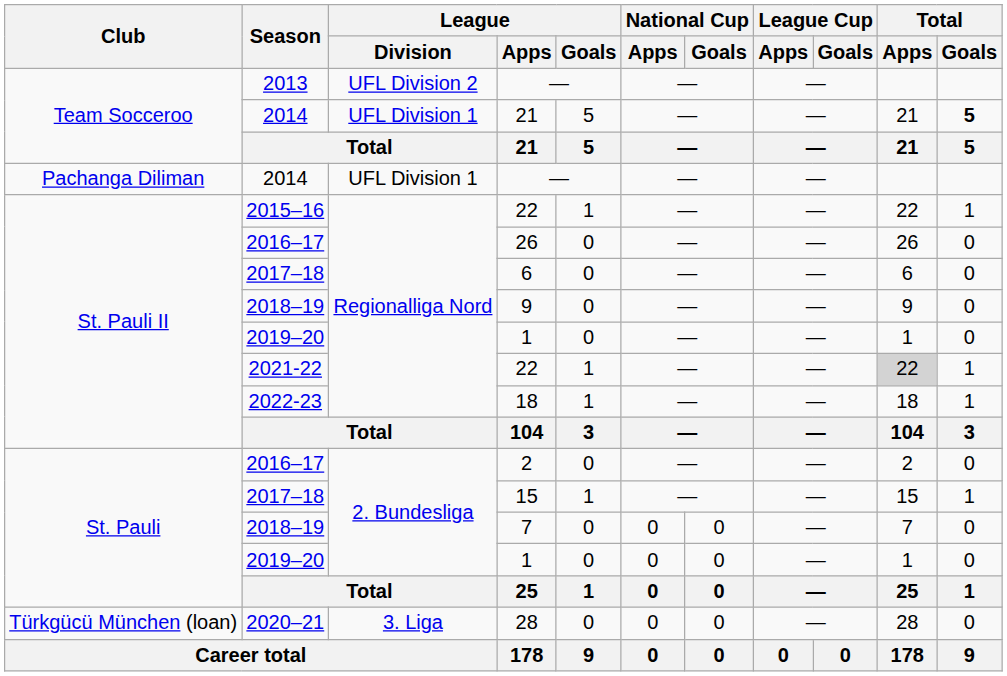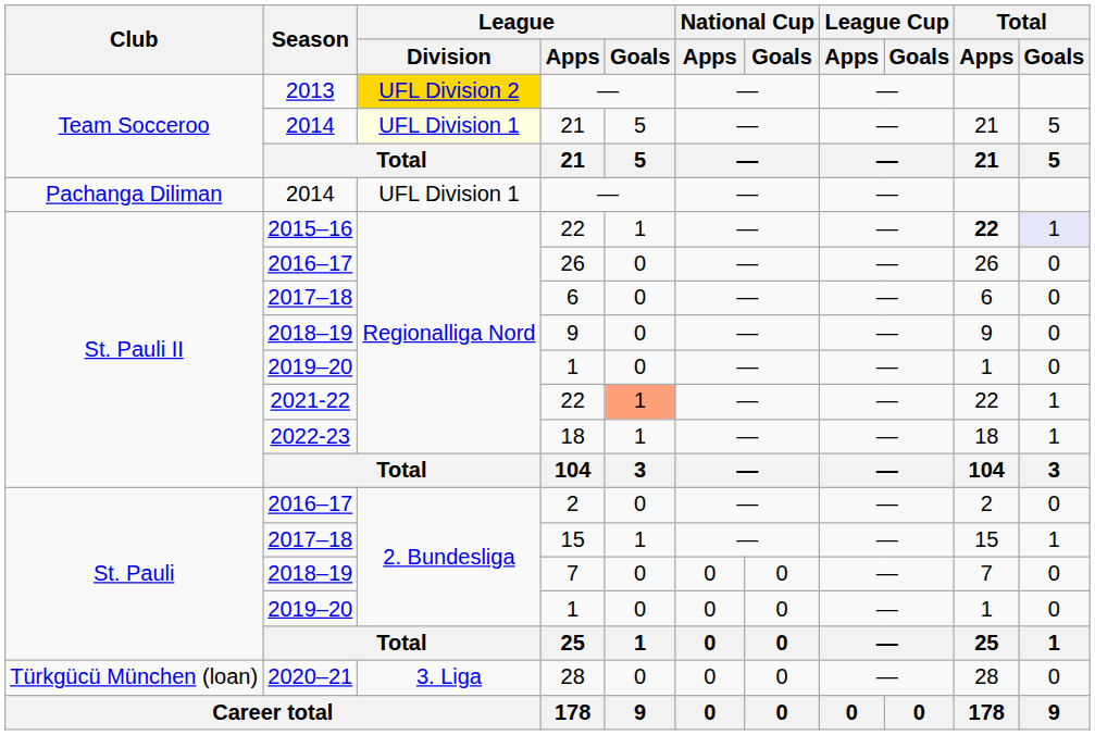 <table class="wikitable" style="text-align:center">
 <tr>
 <th rowspan="2">Club</th>
 <th rowspan="2">Season</th>
 <th colspan="3">League</th>
 <th colspan="2">National Cup</th>
 <th colspan="2">League Cup</th>
 <th colspan="2">Total</th>
 </tr>
 <tr>
 <th>Division</th>
 <th>Apps</th>
 <th>Goals</th>
 <th>Apps</th>
 <th>Goals</th>
 <th>Apps</th>
 <th>Goals</th>
 <th>Apps</th>
 <th>Goals</th>
 </tr>
 <tr>
 <td rowspan="3"><a href='#'>Team Socceroo</a></td>
 <td><a href='#'>2013</a></td>
-<td><a href='#'>UFL Division 2</a></td>
+<td style="background: gold;"><a href='#'>UFL Division 2</a></td>
 <td colspan="2">—</td>
 <td colspan="2">—</td>
 <td colspan="2">—</td>
 <td></td>
 <td></td>
 </tr>
 <tr>
 <td><a href='#'>2014</a></td>
-<td><a href='#'>UFL Division 1</a></td>
+<td style="background: lightyellow;"><a href='#'>UFL Division 1</a></td>
 <td>21</td>
 <td>5</td>
 <td colspan="2">—</td>
 <td colspan="2">—</td>
 <td>21</td>
-<td><strong>5</strong></td>
+<td>5</td>
 </tr>
 <tr>
 <th colspan="2">Total</th>
 <th>21</th>
 <th>5</th>
 <th colspan="2">—</th>
 <th colspan="2">—</th>
 <th>21</th>
 <th>5</th>
 </tr>
 <tr>
 <td><a href='#'>Pachanga Diliman</a></td>
 <td>2014</td>
 <td>UFL Division 1</td>
 <td colspan="2">—</td>
 <td colspan="2">—</td>
 <td colspan="2">—</td>
 <td></td>
 <td></td>
 </tr>
 <tr>
 <td rowspan="8"><a href='#'>St. Pauli II</a></td>
 <td><a href='#'>2015–16</a></td>
 <td rowspan="7"><a href='#'>Regionalliga Nord</a></td>
 <td>22</td>
 <td>1</td>
 <td colspan="2">—</td>
 <td colspan="2">—</td>
-<td>22</td>
-<td>1</td>
+<td><strong>22</strong></td>
+<td style="background: lavender;">1</td>
 </tr>
 <tr>
 <td><a href='#'>2016–17</a></td>
 <td>26</td>
 <td>0</td>
 <td colspan="2">—</td>
 <td colspan="2">—</td>
 <td>26</td>
 <td>0</td>
 </tr>
 <tr>
 <td><a href='#'>2017–18</a></td>
 <td>6</td>
 <td>0</td>
 <td colspan="2">—</td>
 <td colspan="2">—</td>
 <td>6</td>
 <td>0</td>
 </tr>
 <tr>
 <td><a href='#'>2018–19</a></td>
 <td>9</td>
 <td>0</td>
 <td colspan="2">—</td>
 <td colspan="2">—</td>
 <td>9</td>
 <td>0</td>
 </tr>
 <tr>
 <td><a href='#'>2019–20</a></td>
 <td>1</td>
 <td>0</td>
 <td colspan="2">—</td>
 <td colspan="2">—</td>
 <td>1</td>
 <td>0</td>
 </tr>
 <tr>
 <td><a href='#'>2021-22</a></td>
 <td>22</td>
-<td>1</td>
+<td style="background: lightsalmon;">1</td>
 <td colspan="2">—</td>
 <td colspan="2">—</td>
-<td style="background: lightgrey;">22</td>
+<td>22</td>
 <td>1</td>
 </tr>
 <tr>
 <td><a href='#'>2022-23</a></td>
 <td>18</td>
 <td>1</td>
 <td colspan="2">—</td>
 <td colspan="2">—</td>
 <td>18</td>
 <td>1</td>
 </tr>
 <tr>
 <th colspan="2">Total</th>
 <th>104</th>
 <th>3</th>
 <th colspan="2">—</th>
 <th colspan="2">—</th>
 <th>104</th>
 <th>3</th>
 </tr>
 <tr>
 <td rowspan="5"><a href='#'>St. Pauli</a></td>
 <td><a href='#'>2016–17</a></td>
 <td rowspan="4"><a href='#'>2. Bundesliga</a></td>
 <td>2</td>
 <td>0</td>
 <td colspan="2">—</td>
 <td colspan="2">—</td>
 <td>2</td>
 <td>0</td>
 </tr>
 <tr>
 <td><a href='#'>2017–18</a></td>
 <td>15</td>
 <td>1</td>
 <td colspan="2">—</td>
 <td colspan="2">—</td>
 <td>15</td>
 <td>1</td>
 </tr>
 <tr>
 <td><a href='#'>2018–19</a></td>
 <td>7</td>
 <td>0</td>
 <td>0</td>
 <td>0</td>
 <td colspan="2">—</td>
 <td>7</td>
 <td>0</td>
 </tr>
 <tr>
 <td><a href='#'>2019–20</a></td>
 <td>1</td>
 <td>0</td>
 <td>0</td>
 <td>0</td>
 <td colspan="2">—</td>
 <td>1</td>
 <td>0</td>
 </tr>
 <tr>
 <th colspan="2">Total</th>
 <th>25</th>
 <th>1</th>
 <th>0</th>
 <th>0</th>
 <th colspan="2">—</th>
 <th>25</th>
 <th>1</th>
 </tr>
 <tr>
 <td><a href='#'>Türkgücü München</a> (loan)</td>
 <td><a href='#'>2020–21</a></td>
 <td><a href='#'>3. Liga</a></td>
 <td>28</td>
 <td>0</td>
 <td>0</td>
 <td>0</td>
 <td colspan="2">—</td>
 <td>28</td>
 <td>0</td>
 </tr>
 <tr>
 <th colspan="3">Career total</th>
 <th>178</th>
 <th>9</th>
 <th>0</th>
 <th>0</th>
 <th>0</th>
 <th>0</th>
 <th>178</th>
 <th>9</th>
 </tr>
 </table>
